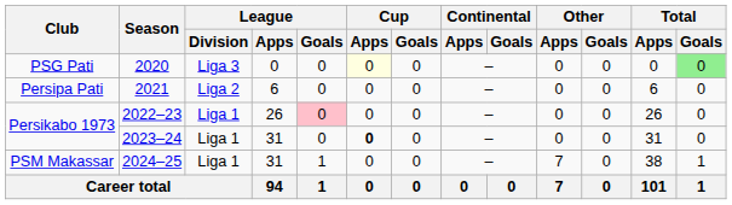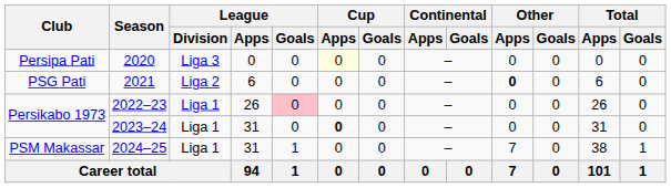 <table class="wikitable" style="text-align: center">
 <tr>
 <th rowspan="2">Club</th>
 <th rowspan="2">Season</th>
 <th colspan="3">League</th>
 <th colspan="2">Cup</th>
 <th colspan="2">Continental</th>
 <th colspan="2">Other</th>
 <th colspan="2">Total</th>
 </tr>
 <tr>
 <th>Division</th>
 <th>Apps</th>
 <th>Goals</th>
 <th>Apps</th>
 <th>Goals</th>
 <th>Apps</th>
 <th>Goals</th>
 <th>Apps</th>
 <th>Goals</th>
 <th>Apps</th>
 <th>Goals</th>
 </tr>
 <tr>
-<td rowspan="1"><a href='#'>PSG Pati</a></td>
+<td rowspan="1"><a href='#'>Persipa Pati</a></td>
 <td><a href='#'>2020</a></td>
 <td rowspan="1" valign="center"><a href='#'>Liga 3</a></td>
 <td>0</td>
 <td>0</td>
 <td style="background: lightyellow;">0</td>
 <td>0</td>
 <td colspan="2">–</td>
 <td>0</td>
 <td>0</td>
 <td>0</td>
-<td style="background: lightgreen;">0</td>
+<td>0</td>
 </tr>
 <tr>
-<td rowspan="1"><a href='#'>Persipa Pati</a></td>
+<td rowspan="1"><a href='#'>PSG Pati</a></td>
 <td><a href='#'>2021</a></td>
 <td rowspan="1" valign="center"><a href='#'>Liga 2</a></td>
 <td>6</td>
 <td>0</td>
 <td>0</td>
 <td>0</td>
 <td colspan="2">–</td>
-<td>0</td>
+<td><strong>0</strong></td>
 <td>0</td>
 <td>6</td>
 <td>0</td>
 </tr>
 <tr>
 <td rowspan="2"><a href='#'>Persikabo 1973</a></td>
 <td><a href='#'>2022–23</a></td>
 <td rowspan="1" valign="center"><a href='#'>Liga 1</a></td>
 <td>26</td>
 <td style="background: pink;">0</td>
 <td>0</td>
 <td>0</td>
 <td colspan="2">–</td>
 <td>0</td>
 <td>0</td>
 <td>26</td>
 <td>0</td>
 </tr>
 <tr>
 <td><a href='#'>2023–24</a></td>
 <td rowspan="1">Liga 1</td>
 <td>31</td>
 <td>0</td>
 <td><strong>0</strong></td>
 <td>0</td>
 <td colspan="2">–</td>
 <td>0</td>
 <td>0</td>
 <td>31</td>
 <td>0</td>
 </tr>
 <tr>
 <td rowspan="1"><a href='#'>PSM Makassar</a></td>
 <td><a href='#'>2024–25</a></td>
 <td rowspan="1" valign="center">Liga 1</td>
 <td>31</td>
 <td>1</td>
 <td>0</td>
 <td>0</td>
 <td colspan="2">–</td>
 <td>7</td>
 <td>0</td>
 <td>38</td>
 <td>1</td>
 </tr>
 <tr>
 <th colspan=3>Career total</th>
 <th>94</th>
 <th>1</th>
 <th>0</th>
 <th>0</th>
 <th>0</th>
 <th>0</th>
 <th>7</th>
 <th>0</th>
 <th>101</th>
 <th>1</th>
 </tr>
 </table>
